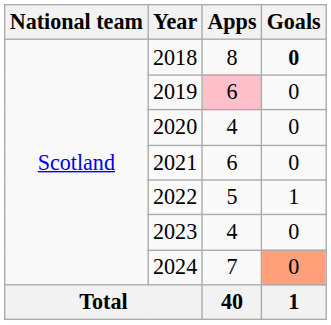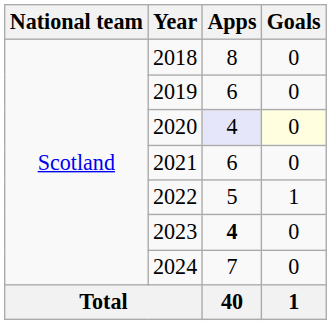 <table class="wikitable" style="text-align:center">
 <tr>
 <th>National team</th>
 <th>Year</th>
 <th>Apps</th>
 <th>Goals</th>
 </tr>
 <tr>
 <td rowspan="7"><a href='#'>Scotland</a></td>
 <td>2018</td>
 <td>8</td>
-<td><strong>0</strong></td>
+<td>0</td>
 </tr>
 <tr>
 <td>2019</td>
-<td style="background: pink;">6</td>
+<td>6</td>
 <td>0</td>
 </tr>
 <tr>
 <td>2020</td>
-<td>4</td>
-<td>0</td>
+<td style="background: lavender;">4</td>
+<td style="background: lightyellow;">0</td>
 </tr>
 <tr>
 <td>2021</td>
 <td>6</td>
 <td>0</td>
 </tr>
 <tr>
 <td>2022</td>
 <td>5</td>
 <td>1</td>
 </tr>
 <tr>
 <td>2023</td>
-<td>4</td>
+<td><strong>4</strong></td>
 <td>0</td>
 </tr>
 <tr>
 <td>2024</td>
 <td>7</td>
-<td style="background: lightsalmon;">0</td>
+<td>0</td>
 </tr>
 <tr>
 <th colspan="2">Total</th>
 <th>40</th>
 <th>1</th>
 </tr>
 </table>
